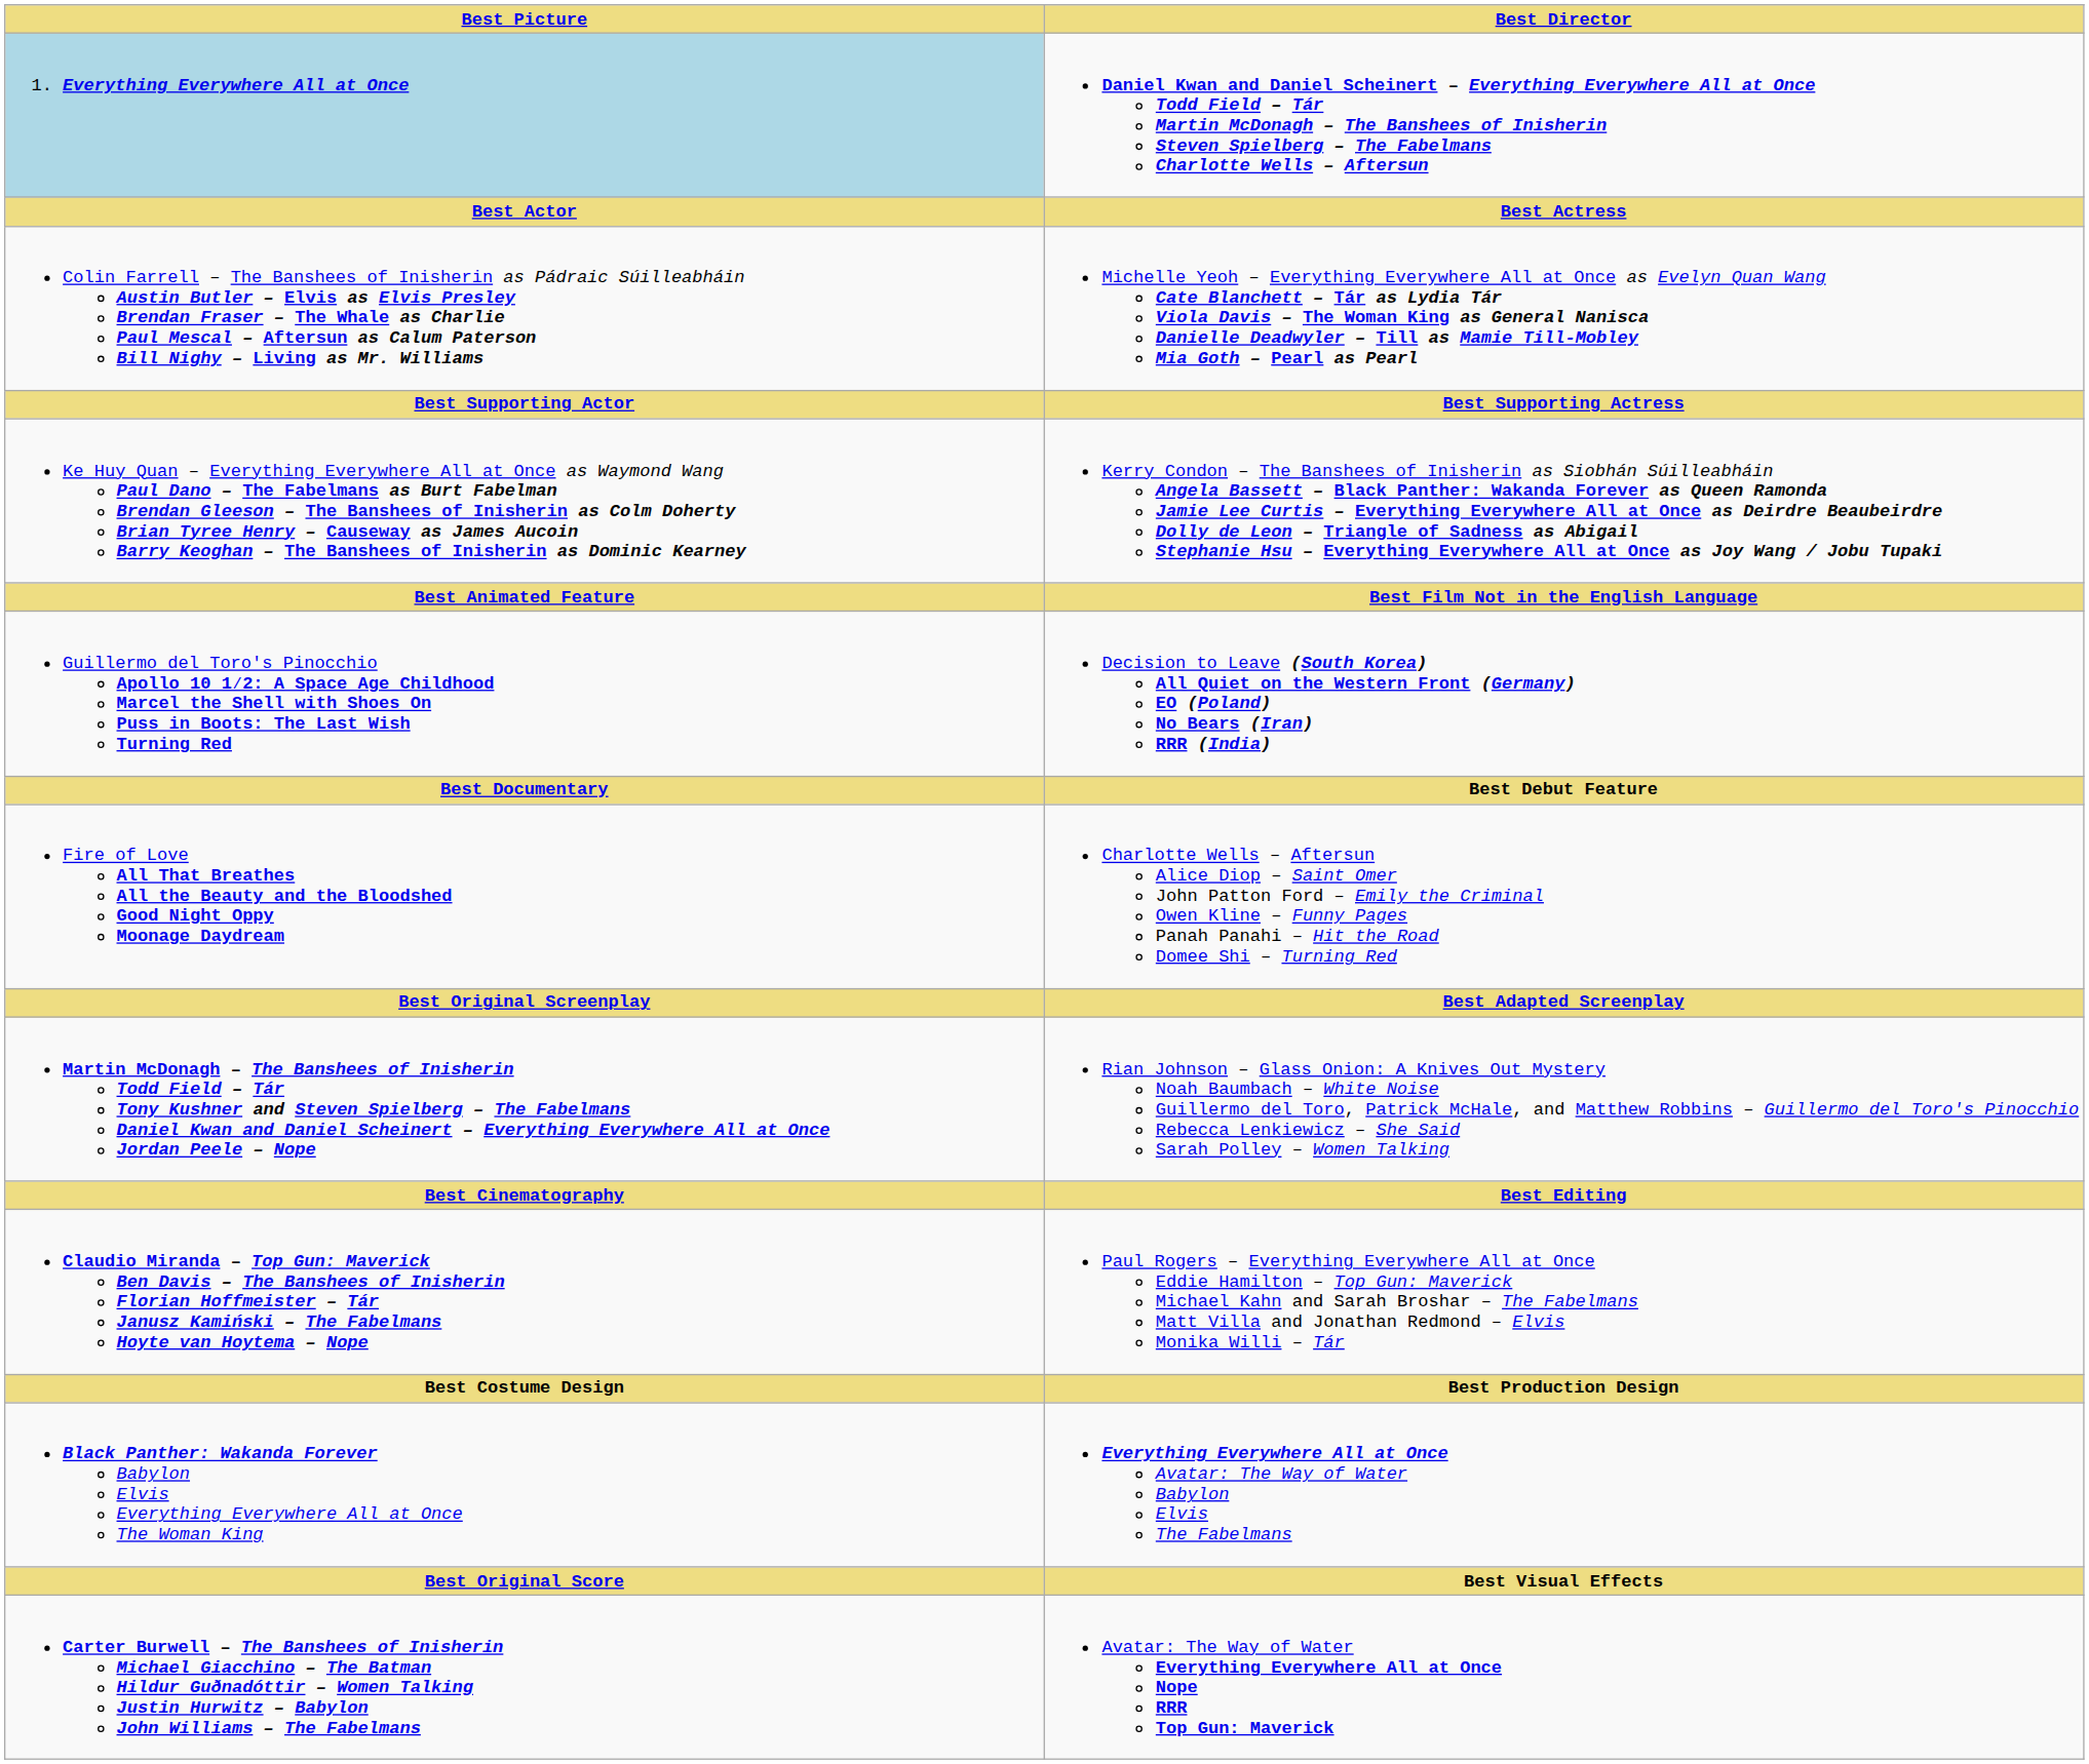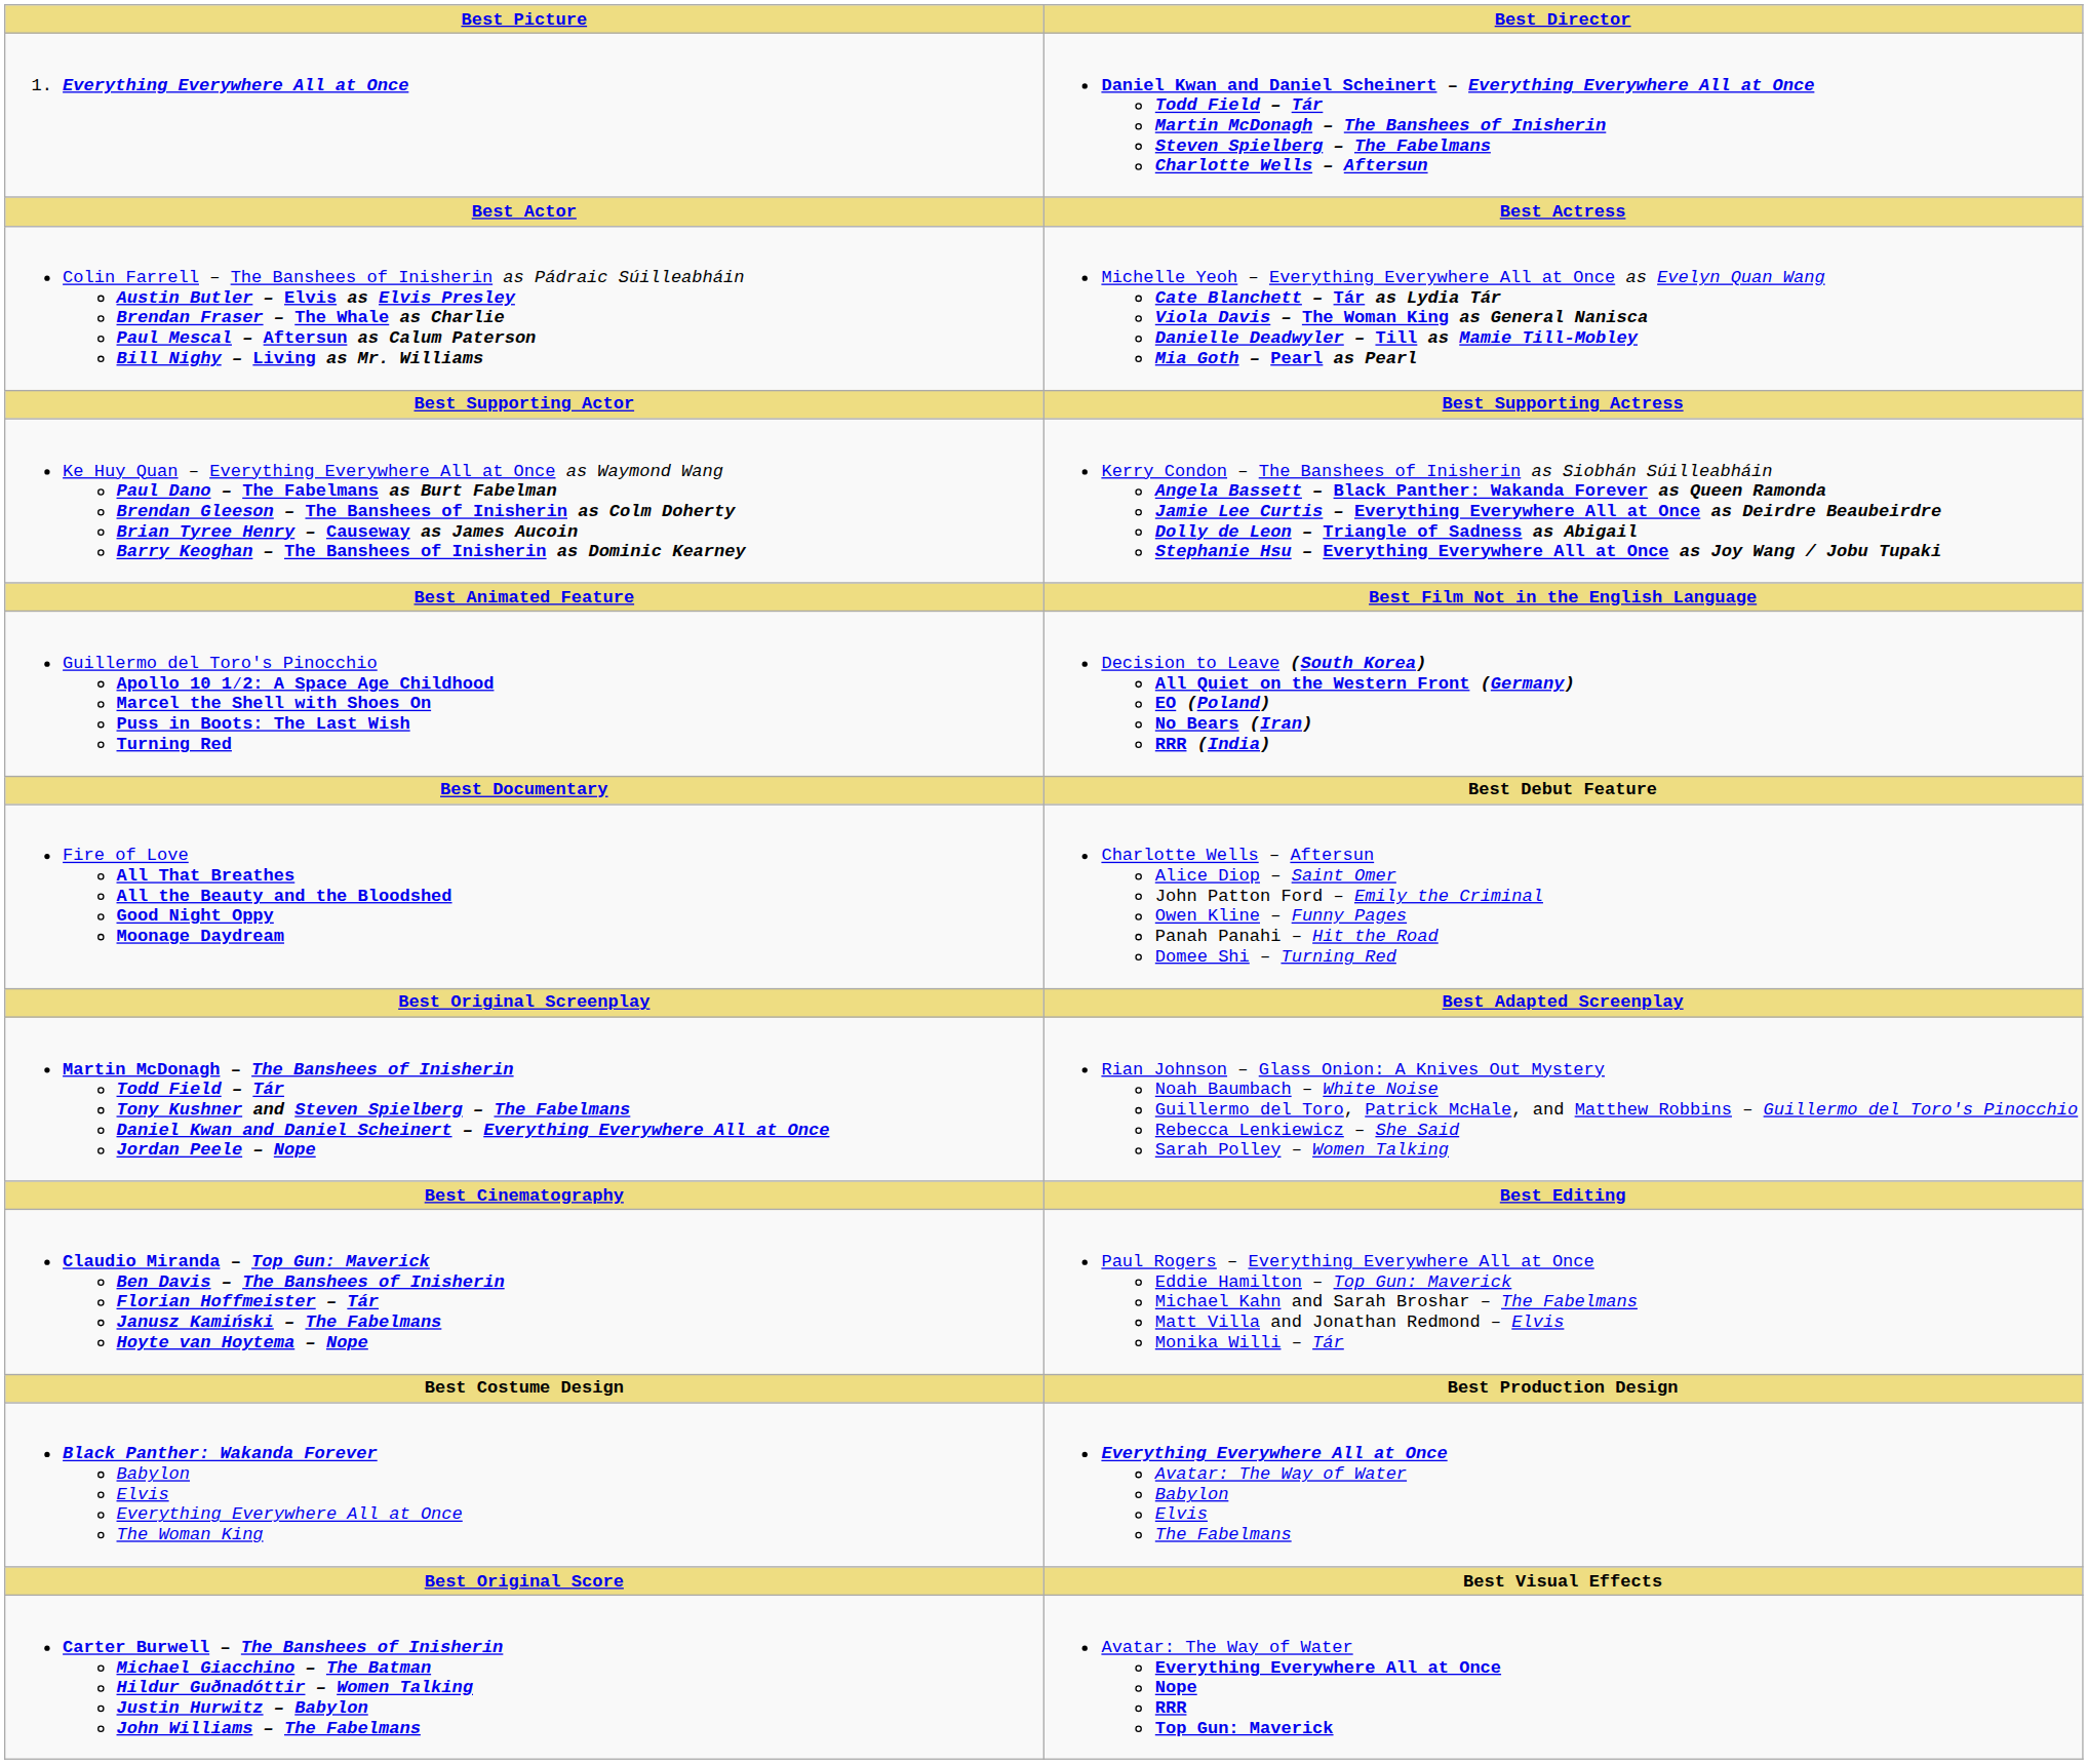 <table class="wikitable">
 <tr>
 <th style="background:#EEDD82; width: 50%"><a href='#'>Best Picture</a></th>
 <th style="background:#EEDD82; width: 50%"><a href='#'>Best Director</a></th>
 </tr>
 <tr>
-<td valign="top" style="background: lightblue;"><br><ol><li><strong><em><a href='#'>Everything Everywhere All at Once</a></em></strong></li></ol></td>
+<td valign="top"><br><ol><li><strong><em><a href='#'>Everything Everywhere All at Once</a></em></strong></li></ol></td>
 <td valign="top"><br><ul><li><strong><a href='#'>Daniel Kwan and Daniel Scheinert</a> – <em><a href='#'>Everything Everywhere All at Once</a><strong><em><ul><li><a href='#'>Todd Field</a> – </em><a href='#'>Tár</a><em></li><li><a href='#'>Martin McDonagh</a> – </em><a href='#'>The Banshees of Inisherin</a><em></li><li><a href='#'>Steven Spielberg</a> – </em><a href='#'>The Fabelmans</a><em></li><li><a href='#'>Charlotte Wells</a> – </em><a href='#'>Aftersun</a><em></li></ul></li></ul></td>
 </tr>
 <tr>
 <th style="background:#EEDD82; width: 50%"><a href='#'>Best Actor</a></th>
 <th style="background:#EEDD82; width: 50%"><a href='#'>Best Actress</a></th>
 </tr>
 <tr>
 <td valign="top"><br><ul><li></strong><a href='#'>Colin Farrell</a> – </em><a href='#'>The Banshees of Inisherin</a><em> as Pádraic Súilleabháin<strong><ul><li><a href='#'>Austin Butler</a> – </em><a href='#'>Elvis</a><em> as <a href='#'>Elvis Presley</a></li><li><a href='#'>Brendan Fraser</a> – </em><a href='#'>The Whale</a><em> as Charlie</li><li><a href='#'>Paul Mescal</a> – </em><a href='#'>Aftersun</a><em> as Calum Paterson</li><li><a href='#'>Bill Nighy</a> – </em><a href='#'>Living</a><em> as Mr. Williams</li></ul></li></ul></td>
 <td valign="top"><br><ul><li></strong><a href='#'>Michelle Yeoh</a> – </em><a href='#'>Everything Everywhere All at Once</a><em> as <a href='#'>Evelyn Quan Wang</a><strong><ul><li><a href='#'>Cate Blanchett</a> – </em><a href='#'>Tár</a><em> as Lydia Tár</li><li><a href='#'>Viola Davis</a> – </em><a href='#'>The Woman King</a><em> as General Nanisca</li><li><a href='#'>Danielle Deadwyler</a> – </em><a href='#'>Till</a><em> as <a href='#'>Mamie Till-Mobley</a></li><li><a href='#'>Mia Goth</a> – </em><a href='#'>Pearl</a><em> as Pearl</li></ul></li></ul></td>
 </tr>
 <tr>
 <th style="background:#EEDD82; width: 50%"><a href='#'>Best Supporting Actor</a></th>
 <th style="background:#EEDD82; width: 50%"><a href='#'>Best Supporting Actress</a></th>
 </tr>
 <tr>
 <td valign="top"><br><ul><li></strong><a href='#'>Ke Huy Quan</a> – </em><a href='#'>Everything Everywhere All at Once</a><em> as Waymond Wang<strong><ul><li><a href='#'>Paul Dano</a> – </em><a href='#'>The Fabelmans</a><em> as Burt Fabelman</li><li><a href='#'>Brendan Gleeson</a> – </em><a href='#'>The Banshees of Inisherin</a><em> as Colm Doherty</li><li><a href='#'>Brian Tyree Henry</a> – </em><a href='#'>Causeway</a><em> as James Aucoin</li><li><a href='#'>Barry Keoghan</a> – </em><a href='#'>The Banshees of Inisherin</a><em> as Dominic Kearney</li></ul></li></ul></td>
 <td valign="top"><br><ul><li></strong><a href='#'>Kerry Condon</a> – </em><a href='#'>The Banshees of Inisherin</a><em> as Siobhán Súilleabháin<strong><ul><li><a href='#'>Angela Bassett</a> – </em><a href='#'>Black Panther: Wakanda Forever</a><em> as Queen Ramonda</li><li><a href='#'>Jamie Lee Curtis</a> – </em><a href='#'>Everything Everywhere All at Once</a><em> as Deirdre Beaubeirdre</li><li><a href='#'>Dolly de Leon</a> – </em><a href='#'>Triangle of Sadness</a><em> as Abigail</li><li><a href='#'>Stephanie Hsu</a> – </em><a href='#'>Everything Everywhere All at Once</a><em> as Joy Wang / Jobu Tupaki</li></ul></li></ul></td>
 </tr>
 <tr>
 <th style="background:#EEDD82; width: 50%"><a href='#'>Best Animated Feature</a></th>
 <th style="background:#EEDD82; width: 50%"><a href='#'>Best Film Not in the English Language</a></th>
 </tr>
 <tr>
 <td valign="top"><br><ul><li></em></strong><a href='#'>Guillermo del Toro's Pinocchio</a><strong><em><ul><li></em><a href='#'>Apollo 10 1⁄2: A Space Age Childhood</a><em></li><li></em><a href='#'>Marcel the Shell with Shoes On</a><em></li><li></em><a href='#'>Puss in Boots: The Last Wish</a><em></li><li></em><a href='#'>Turning Red</a><em></li></ul></li></ul></td>
 <td valign="top"><br><ul><li></em></strong><a href='#'>Decision to Leave</a><strong><em> (<a href='#'>South Korea</a>)<ul><li></em><a href='#'>All Quiet on the Western Front</a><em> (<a href='#'>Germany</a>)</li><li></em><a href='#'>EO</a><em> (<a href='#'>Poland</a>)</li><li></em><a href='#'>No Bears</a><em> (<a href='#'>Iran</a>)</li><li></em><a href='#'>RRR</a><em> (<a href='#'>India</a>)</li></ul></li></ul></td>
 </tr>
 <tr>
 <th style="background:#EEDD82; width: 50%"><a href='#'>Best Documentary</a></th>
 <th style="background:#EEDD82; width: 50%">Best Debut Feature</th>
 </tr>
 <tr>
 <td valign="top"><br><ul><li></em></strong><a href='#'>Fire of Love</a><strong><em><ul><li></em><a href='#'>All That Breathes</a><em></li><li></em><a href='#'>All the Beauty and the Bloodshed</a><em></li><li></em><a href='#'>Good Night Oppy</a><em></li><li></em><a href='#'>Moonage Daydream</a><em></li></ul></li></ul></td>
 <td valign="top"><br><ul><li></strong><a href='#'>Charlotte Wells</a> – </em><a href='#'>Aftersun</a></em></strong><ul><li><a href='#'>Alice Diop</a> – <em><a href='#'>Saint Omer</a></em></li><li>John Patton Ford – <em><a href='#'>Emily the Criminal</a></em></li><li><a href='#'>Owen Kline</a> – <em><a href='#'>Funny Pages</a></em></li><li>Panah Panahi – <em><a href='#'>Hit the Road</a></em></li><li><a href='#'>Domee Shi</a> – <em><a href='#'>Turning Red</a></em></li></ul></li></ul></td>
 </tr>
 <tr>
 <th style="background:#EEDD82; width: 50%"><a href='#'>Best Original Screenplay</a></th>
 <th style="background:#EEDD82; width: 50%"><a href='#'>Best Adapted Screenplay</a></th>
 </tr>
 <tr>
 <td valign="top"><br><ul><li><strong><a href='#'>Martin McDonagh</a> – <em><a href='#'>The Banshees of Inisherin</a><strong><em><ul><li><a href='#'>Todd Field</a> – </em><a href='#'>Tár</a><em></li><li><a href='#'>Tony Kushner</a> and <a href='#'>Steven Spielberg</a> – </em><a href='#'>The Fabelmans</a><em></li><li><a href='#'>Daniel Kwan and Daniel Scheinert</a> – </em><a href='#'>Everything Everywhere All at Once</a><em></li><li><a href='#'>Jordan Peele</a> – </em><a href='#'>Nope</a><em></li></ul></li></ul></td>
 <td valign="top"><br><ul><li></strong><a href='#'>Rian Johnson</a> – </em><a href='#'>Glass Onion: A Knives Out Mystery</a></em></strong><ul><li><a href='#'>Noah Baumbach</a> – <em><a href='#'>White Noise</a></em></li><li><a href='#'>Guillermo del Toro</a>, <a href='#'>Patrick McHale</a>, and <a href='#'>Matthew Robbins</a> – <em><a href='#'>Guillermo del Toro's Pinocchio</a></em></li><li><a href='#'>Rebecca Lenkiewicz</a> – <em><a href='#'>She Said</a></em></li><li><a href='#'>Sarah Polley</a> – <em><a href='#'>Women Talking</a></em></li></ul></li></ul></td>
 </tr>
 <tr>
 <th style="background:#EEDD82; width: 50%"><a href='#'>Best Cinematography</a></th>
 <th style="background:#EEDD82; width: 50%"><a href='#'>Best Editing</a></th>
 </tr>
 <tr>
 <td valign="top"><br><ul><li><strong><a href='#'>Claudio Miranda</a> – <em><a href='#'>Top Gun: Maverick</a><strong><em><ul><li><a href='#'>Ben Davis</a> – </em><a href='#'>The Banshees of Inisherin</a><em></li><li><a href='#'>Florian Hoffmeister</a> – </em><a href='#'>Tár</a><em></li><li><a href='#'>Janusz Kamiński</a> – </em><a href='#'>The Fabelmans</a><em></li><li><a href='#'>Hoyte van Hoytema</a> – </em><a href='#'>Nope</a><em></li></ul></li></ul></td>
 <td valign="top"><br><ul><li></strong><a href='#'>Paul Rogers</a> – </em><a href='#'>Everything Everywhere All at Once</a></em></strong><ul><li><a href='#'>Eddie Hamilton</a> – <em><a href='#'>Top Gun: Maverick</a></em></li><li><a href='#'>Michael Kahn</a> and Sarah Broshar – <em><a href='#'>The Fabelmans</a></em></li><li><a href='#'>Matt Villa</a> and Jonathan Redmond – <em><a href='#'>Elvis</a></em></li><li><a href='#'>Monika Willi</a> – <em><a href='#'>Tár</a></em></li></ul></li></ul></td>
 </tr>
 <tr>
 <th style="background:#EEDD82; width: 50%">Best Costume Design</th>
 <th style="background:#EEDD82; width: 50%">Best Production Design</th>
 </tr>
 <tr>
 <td valign="top"><br><ul><li><strong><em><a href='#'>Black Panther: Wakanda Forever</a></em></strong><ul><li><em><a href='#'>Babylon</a></em></li><li><em><a href='#'>Elvis</a></em></li><li><em><a href='#'>Everything Everywhere All at Once</a></em></li><li><em><a href='#'>The Woman King</a></em></li></ul></li></ul></td>
 <td valign="top"><br><ul><li><strong><em><a href='#'>Everything Everywhere All at Once</a></em></strong><ul><li><em><a href='#'>Avatar: The Way of Water</a></em></li><li><em><a href='#'>Babylon</a></em></li><li><em><a href='#'>Elvis</a></em></li><li><em><a href='#'>The Fabelmans</a></em></li></ul></li></ul></td>
 </tr>
 <tr>
 <th style="background:#EEDD82; width: 50%"><a href='#'>Best Original Score</a></th>
 <th style="background:#EEDD82; width: 50%">Best Visual Effects</th>
 </tr>
 <tr>
 <td valign="top"><br><ul><li><strong><a href='#'>Carter Burwell</a> – <em><a href='#'>The Banshees of Inisherin</a><strong><em><ul><li><a href='#'>Michael Giacchino</a> – </em><a href='#'>The Batman</a><em></li><li><a href='#'>Hildur Guðnadóttir</a> – </em><a href='#'>Women Talking</a><em></li><li><a href='#'>Justin Hurwitz</a> – </em><a href='#'>Babylon</a><em></li><li><a href='#'>John Williams</a> – </em><a href='#'>The Fabelmans</a><em></li></ul></li></ul></td>
 <td valign="top"><br><ul><li></em></strong><a href='#'>Avatar: The Way of Water</a><strong><em><ul><li></em><a href='#'>Everything Everywhere All at Once</a><em></li><li></em><a href='#'>Nope</a><em></li><li></em><a href='#'>RRR</a><em></li><li></em><a href='#'>Top Gun: Maverick</a><em></li></ul></li></ul></td>
 </tr>
 </table>
